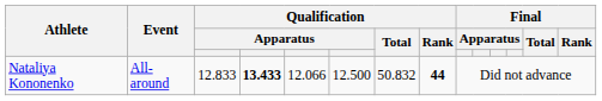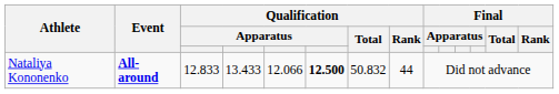 <table class="wikitable" style="font-size:90%">
 <tr>
 <th rowspan=3>Athlete</th>
 <th rowspan=3>Event</th>
 <th colspan=6>Qualification</th>
 <th colspan=6>Final</th>
 </tr>
 <tr style="font-size:95%">
 <th colspan=4>Apparatus</th>
 <th rowspan=2>Total</th>
 <th rowspan=2>Rank</th>
 <th colspan=4>Apparatus</th>
 <th rowspan=2>Total</th>
 <th rowspan=2>Rank</th>
 </tr>
 <tr style="font-size:95%">
 <th></th>
 <th></th>
 <th></th>
 <th></th>
 <th></th>
 <th></th>
 <th></th>
 <th></th>
 </tr>
 <tr align=center>
 <td align=left><a href='#'>Nataliya Kononenko</a></td>
-<td align=left><a href='#'>All-around</a></td>
+<td align=left><strong><a href='#'>All-around</a></strong></td>
 <td>12.833</td>
-<td><strong>13.433</strong></td>
+<td>13.433</td>
 <td>12.066</td>
-<td>12.500</td>
+<td><strong>12.500</strong></td>
 <td>50.832</td>
-<td><strong>44</strong></td>
+<td>44</td>
 <td colspan=6>Did not advance</td>
 </tr>
 </table>
